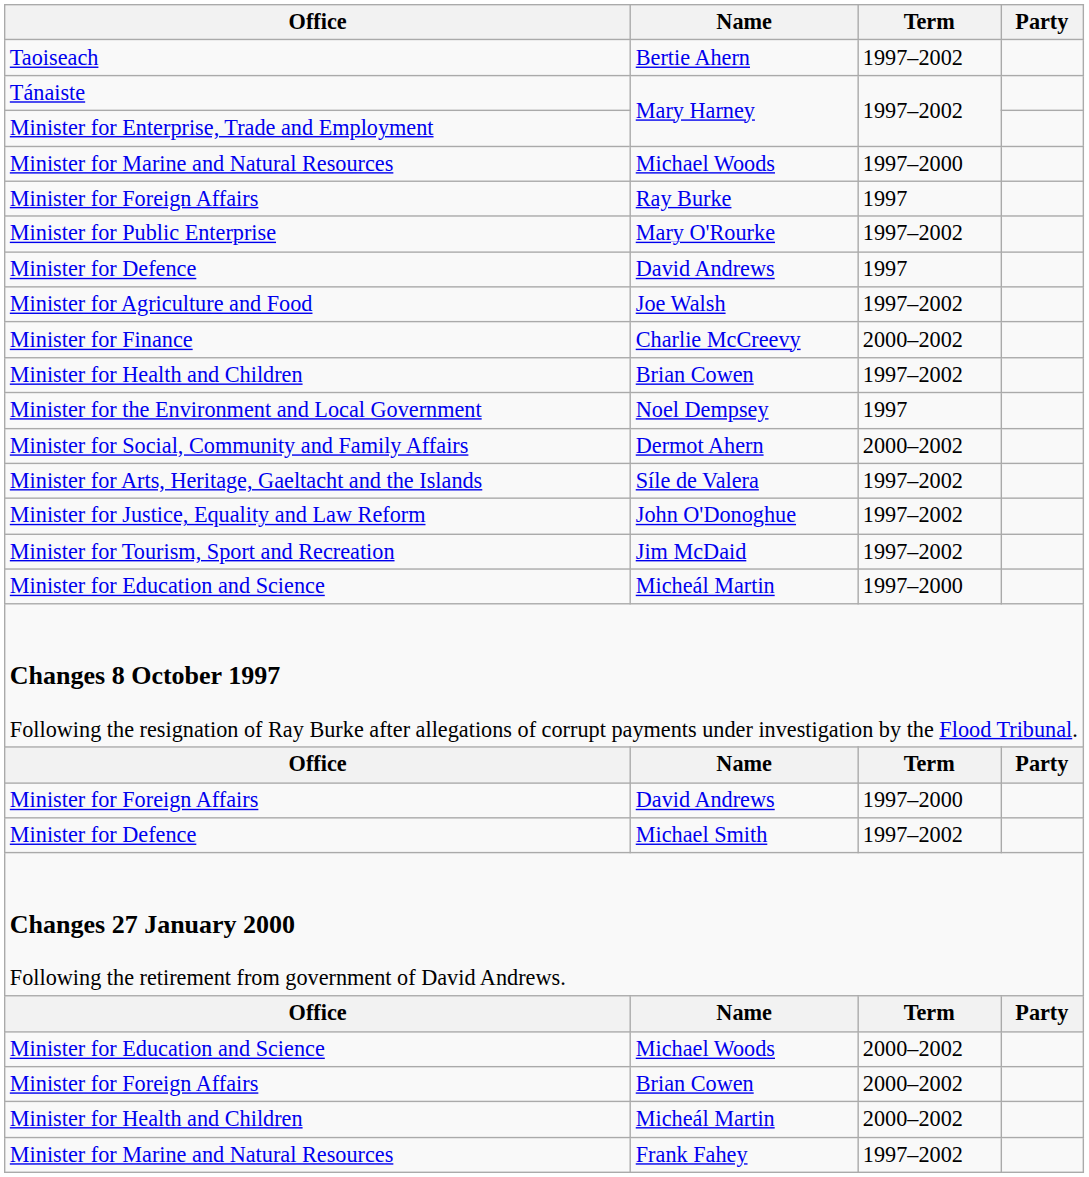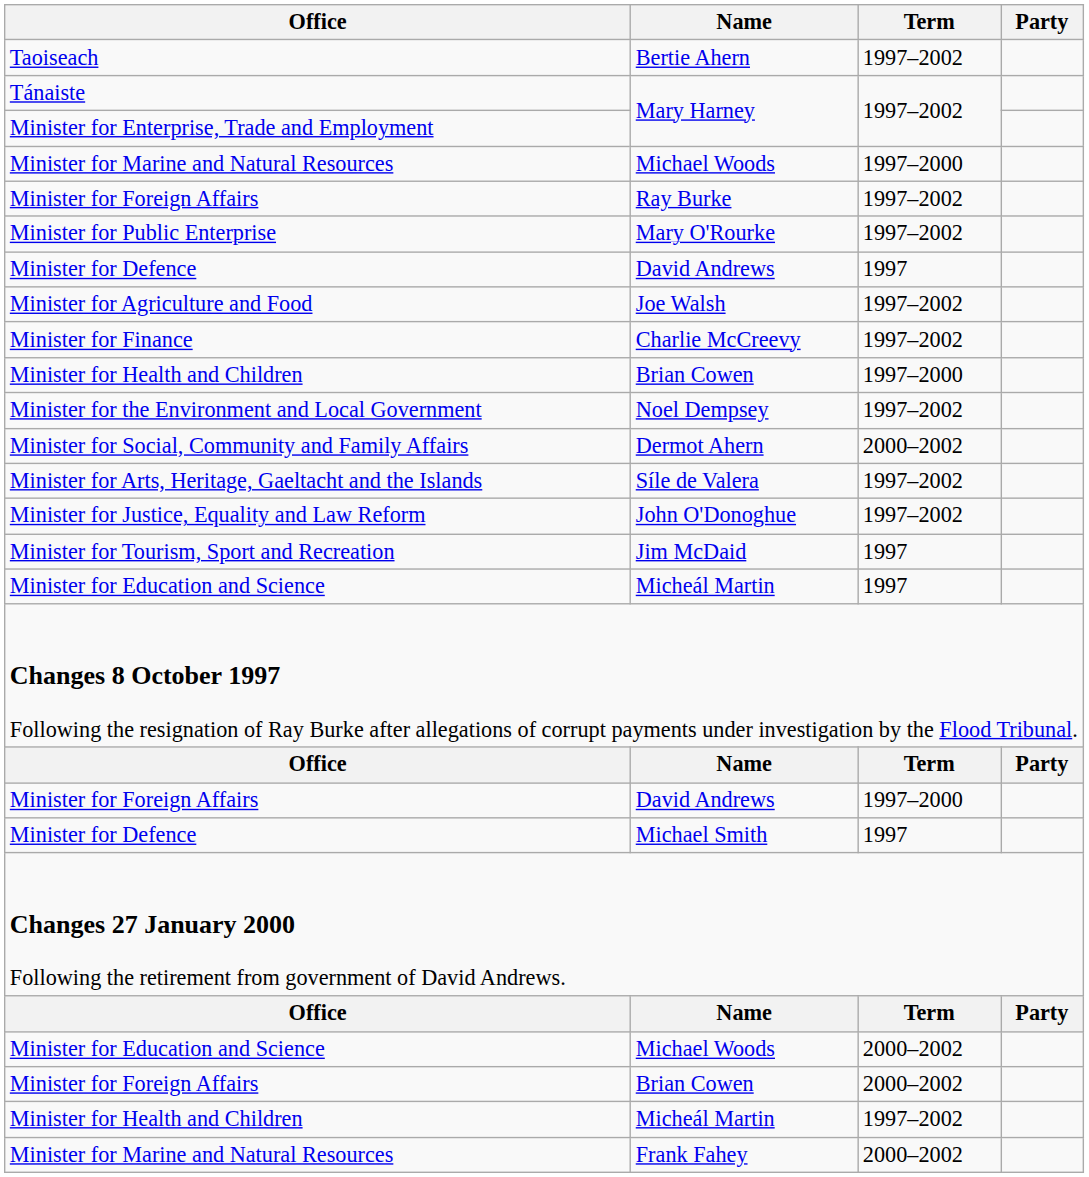 <table class="wikitable">
 <tr>
 <th>Office</th>
 <th>Name</th>
 <th>Term</th>
 <th colspan="2">Party</th>
 </tr>
 <tr>
 <td><a href='#'>Taoiseach</a></td>
 <td><a href='#'>Bertie Ahern</a></td>
 <td>1997–2002</td>
 <td></td>
 </tr>
 <tr>
 <td><a href='#'>Tánaiste</a></td>
 <td rowspan=2><a href='#'>Mary Harney</a></td>
 <td rowspan=2>1997–2002</td>
 <td></td>
 </tr>
 <tr>
 <td><a href='#'>Minister for Enterprise, Trade and Employment</a></td>
 </tr>
 <tr>
 <td><a href='#'>Minister for Marine and Natural Resources</a></td>
 <td><a href='#'>Michael Woods</a></td>
 <td>1997–2000</td>
 <td></td>
 </tr>
 <tr>
 <td><a href='#'>Minister for Foreign Affairs</a></td>
 <td><a href='#'>Ray Burke</a></td>
-<td>1997</td>
+<td>1997–2002</td>
 <td></td>
 </tr>
 <tr>
 <td><a href='#'>Minister for Public Enterprise</a></td>
 <td><a href='#'>Mary O'Rourke</a></td>
 <td>1997–2002</td>
 <td></td>
 </tr>
 <tr>
 <td><a href='#'>Minister for Defence</a></td>
 <td><a href='#'>David Andrews</a></td>
 <td>1997</td>
 <td></td>
 </tr>
 <tr>
 <td><a href='#'>Minister for Agriculture and Food</a></td>
 <td><a href='#'>Joe Walsh</a></td>
 <td>1997–2002</td>
 <td></td>
 </tr>
 <tr>
 <td><a href='#'>Minister for Finance</a></td>
 <td><a href='#'>Charlie McCreevy</a></td>
-<td>2000–2002</td>
+<td>1997–2002</td>
 <td></td>
 </tr>
 <tr>
 <td><a href='#'>Minister for Health and Children</a></td>
 <td><a href='#'>Brian Cowen</a></td>
-<td>1997–2002</td>
+<td>1997–2000</td>
 <td></td>
 </tr>
 <tr>
 <td><a href='#'>Minister for the Environment and Local Government</a></td>
 <td><a href='#'>Noel Dempsey</a></td>
-<td>1997</td>
+<td>1997–2002</td>
 <td></td>
 </tr>
 <tr>
 <td><a href='#'>Minister for Social, Community and Family Affairs</a></td>
 <td><a href='#'>Dermot Ahern</a></td>
 <td>2000–2002</td>
 <td></td>
 </tr>
 <tr>
 <td><a href='#'>Minister for Arts, Heritage, Gaeltacht and the Islands</a></td>
 <td><a href='#'>Síle de Valera</a></td>
 <td>1997–2002</td>
 <td></td>
 </tr>
 <tr>
 <td><a href='#'>Minister for Justice, Equality and Law Reform</a></td>
 <td><a href='#'>John O'Donoghue</a></td>
 <td>1997–2002</td>
 <td></td>
 </tr>
 <tr>
 <td><a href='#'>Minister for Tourism, Sport and Recreation</a></td>
 <td><a href='#'>Jim McDaid</a></td>
-<td>1997–2002</td>
+<td>1997</td>
 <td></td>
 </tr>
 <tr>
 <td><a href='#'>Minister for Education and Science</a></td>
 <td><a href='#'>Micheál Martin</a></td>
-<td>1997–2000</td>
+<td>1997</td>
 <td></td>
 </tr>
 <tr>
 <td colspan="5"><br><h3>Changes 8 October 1997</h3>Following the resignation of Ray Burke after allegations of corrupt payments under investigation by the <a href='#'>Flood Tribunal</a>.</td>
 </tr>
 <tr>
 <th>Office</th>
 <th>Name</th>
 <th>Term</th>
 <th colspan="2">Party</th>
 </tr>
 <tr>
 <td><a href='#'>Minister for Foreign Affairs</a></td>
 <td><a href='#'>David Andrews</a></td>
 <td>1997–2000</td>
 <td></td>
 </tr>
 <tr>
 <td><a href='#'>Minister for Defence</a></td>
 <td><a href='#'>Michael Smith</a></td>
-<td>1997–2002</td>
+<td>1997</td>
 <td></td>
 </tr>
 <tr>
 <td colspan="5"><br><h3>Changes 27 January 2000</h3>Following the retirement from government of David Andrews.</td>
 </tr>
 <tr>
 <th>Office</th>
 <th>Name</th>
 <th>Term</th>
 <th colspan="2">Party</th>
 </tr>
 <tr>
 <td><a href='#'>Minister for Education and Science</a></td>
 <td><a href='#'>Michael Woods</a></td>
 <td>2000–2002</td>
 <td></td>
 </tr>
 <tr>
 <td><a href='#'>Minister for Foreign Affairs</a></td>
 <td><a href='#'>Brian Cowen</a></td>
 <td>2000–2002</td>
 <td></td>
 </tr>
 <tr>
 <td><a href='#'>Minister for Health and Children</a></td>
 <td><a href='#'>Micheál Martin</a></td>
-<td>2000–2002</td>
+<td>1997–2002</td>
 <td></td>
 </tr>
 <tr>
 <td><a href='#'>Minister for Marine and Natural Resources</a></td>
 <td><a href='#'>Frank Fahey</a></td>
-<td>1997–2002</td>
+<td>2000–2002</td>
 <td></td>
 </tr>
 </table>
